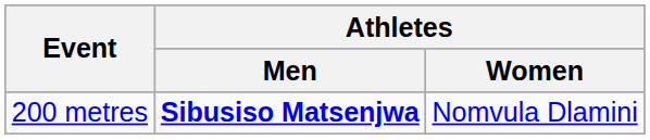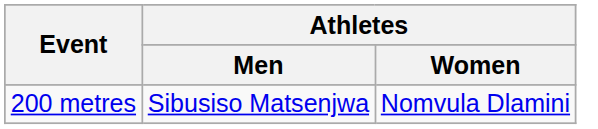 <table class=wikitable style="font-size:90%">
 <tr>
 <th rowspan=2>Event</th>
 <th colspan=2>Athletes</th>
 </tr>
 <tr>
 <th>Men</th>
 <th>Women</th>
 </tr>
 <tr>
 <td><a href='#'>200 metres</a></td>
-<td><strong><a href='#'>Sibusiso Matsenjwa</a></strong></td>
+<td><a href='#'>Sibusiso Matsenjwa</a></td>
 <td><a href='#'>Nomvula Dlamini</a></td>
 </tr>
 </table>
